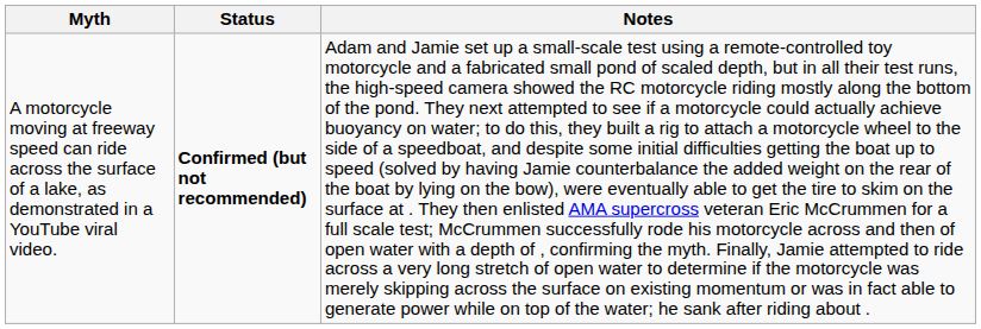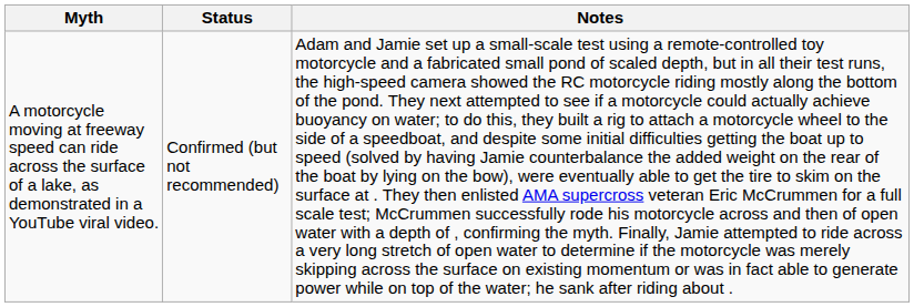 <table class="wikitable plainrowheaders">
 <tr>
 <th scope="col">Myth</th>
 <th scope="col">Status</th>
 <th scope="col">Notes</th>
 </tr>
 <tr>
 <td scope="row">A motorcycle moving at freeway speed can ride across the surface of a lake, as demonstrated in a YouTube viral video.</td>
-<td><strong><span>Confirmed</span> (but not recommended)</strong></td>
+<td><span>Confirmed</span> (but not recommended)</td>
 <td>Adam and Jamie set up a small-scale test using a remote-controlled toy motorcycle and a fabricated small pond of scaled depth, but in all their test runs, the high-speed camera showed the RC motorcycle riding mostly along the bottom of the pond. They next attempted to see if a motorcycle could actually achieve buoyancy on water; to do this, they built a rig to attach a motorcycle wheel to the side of a speedboat, and despite some initial difficulties getting the boat up to speed (solved by having Jamie counterbalance the added weight on the rear of the boat by lying on the bow), were eventually able to get the tire to skim on the surface at . They then enlisted <a href='#'>AMA supercross</a> veteran Eric McCrummen for a full scale test; McCrummen successfully rode his motorcycle across  and then  of open water with a depth of , confirming the myth. Finally, Jamie attempted to ride across a very long stretch of open water to determine if the motorcycle was merely skipping across the surface on existing momentum or was in fact able to generate power while on top of the water; he sank after riding about .</td>
 </tr>
 </table>
